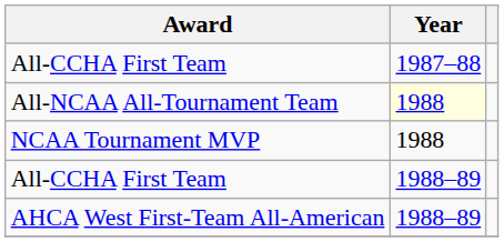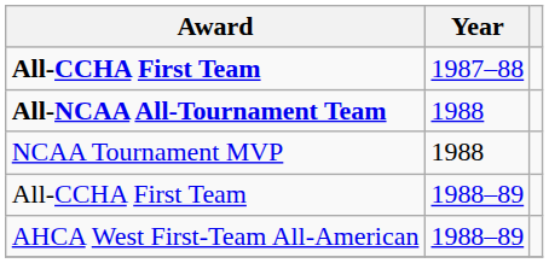 <table class="wikitable">
 <tr>
 <th>Award</th>
 <th>Year</th>
 <th></th>
 </tr>
 <tr>
-<td>All-<a href='#'>CCHA</a> <a href='#'>First Team</a></td>
+<td><strong>All-<a href='#'>CCHA</a> <a href='#'>First Team</a></strong></td>
 <td><a href='#'>1987–88</a></td>
 <td></td>
 </tr>
 <tr>
-<td>All-<a href='#'>NCAA</a> <a href='#'>All-Tournament Team</a></td>
-<td style="background: lightyellow;"><a href='#'>1988</a></td>
+<td><strong>All-<a href='#'>NCAA</a> <a href='#'>All-Tournament Team</a></strong></td>
+<td><a href='#'>1988</a></td>
 <td></td>
 </tr>
 <tr>
 <td><a href='#'>NCAA Tournament MVP</a></td>
 <td>1988</td>
 <td></td>
 </tr>
 <tr>
 <td>All-<a href='#'>CCHA</a> <a href='#'>First Team</a></td>
 <td><a href='#'>1988–89</a></td>
 <td></td>
 </tr>
 <tr>
 <td><a href='#'>AHCA</a> <a href='#'>West First-Team All-American</a></td>
 <td><a href='#'>1988–89</a></td>
 <td></td>
 </tr>
 <tr>
 </tr>
 </table>
